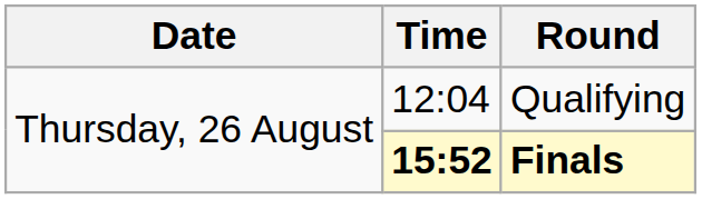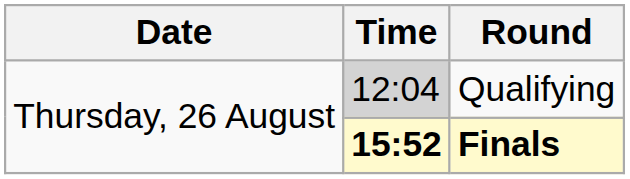 <table class="wikitable">
 <tr>
 <th>Date</th>
 <th>Time</th>
 <th>Round</th>
 </tr>
 <tr>
 <td rowspan=2>Thursday, 26 August</td>
-<td>12:04</td>
+<td style="background: lightgrey;">12:04</td>
 <td>Qualifying</td>
 </tr>
 <tr style="background:lemonchiffon">
 <td><strong>15:52</strong></td>
 <td><strong>Finals</strong></td>
 </tr>
 </table>
